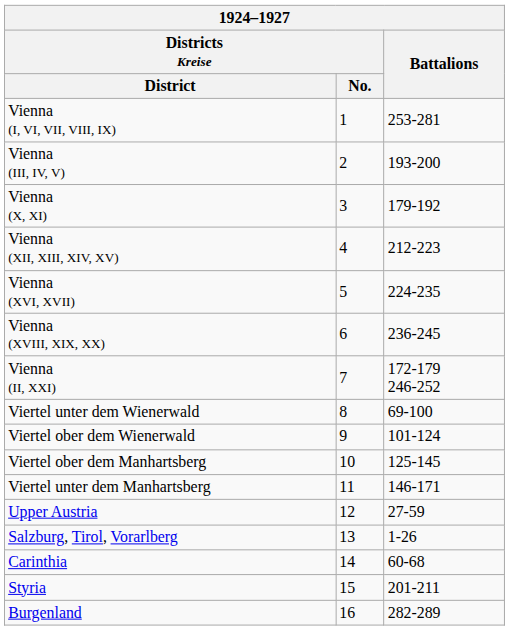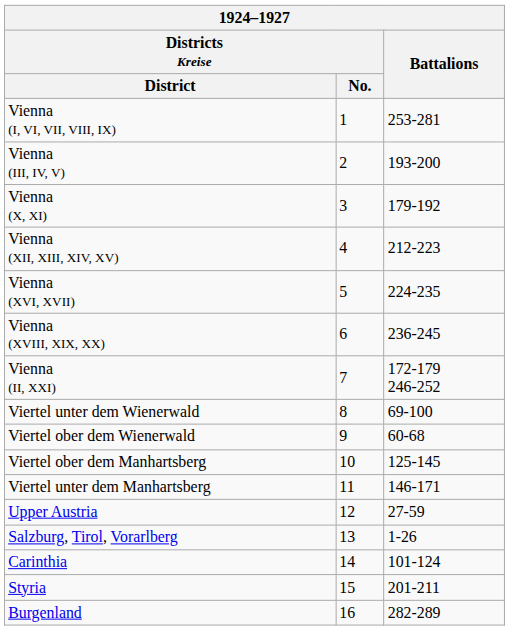 <table class="wikitable" style="text-align:left;width: 40%; display: inline-table;">
 <tr>
 <th colspan="3">1924–1927</th>
 </tr>
 <tr>
 <th colspan="2">Districts<br><small><em>Kreise</em></small></th>
 <th rowspan="2">Battalions</th>
 </tr>
 <tr>
 <th>District</th>
 <th>No.</th>
 </tr>
 <tr>
 <td>Vienna<br><small>(I, VI, VII, VIII, IX)</small></td>
 <td>1</td>
 <td>253-281</td>
 </tr>
 <tr>
 <td>Vienna<br><small>(III, IV, V)</small></td>
 <td>2</td>
 <td>193-200</td>
 </tr>
 <tr>
 <td>Vienna<br><small>(X, XI)</small></td>
 <td>3</td>
 <td>179-192</td>
 </tr>
 <tr>
 <td>Vienna<br><small>(XII, XIII, XIV, XV)</small></td>
 <td>4</td>
 <td>212-223</td>
 </tr>
 <tr>
 <td>Vienna<br><small>(XVI, XVII)</small></td>
 <td>5</td>
 <td>224-235</td>
 </tr>
 <tr>
 <td>Vienna<br><small>(XVIII, XIX, XX)</small></td>
 <td>6</td>
 <td>236-245</td>
 </tr>
 <tr>
 <td>Vienna<br><small>(II, XXI)</small></td>
 <td>7</td>
 <td>172-179<br>246-252</td>
 </tr>
 <tr>
 <td>Viertel unter dem Wienerwald</td>
 <td>8</td>
 <td>69-100</td>
 </tr>
 <tr>
 <td>Viertel ober dem Wienerwald</td>
 <td>9</td>
-<td>101-124</td>
+<td>60-68</td>
 </tr>
 <tr>
 <td>Viertel ober dem Manhartsberg</td>
 <td>10</td>
 <td>125-145</td>
 </tr>
 <tr>
 <td>Viertel unter dem Manhartsberg</td>
 <td>11</td>
 <td>146-171</td>
 </tr>
 <tr>
 <td><a href='#'>Upper Austria</a></td>
 <td>12</td>
 <td>27-59</td>
 </tr>
 <tr>
 <td><a href='#'>Salzburg</a>, <a href='#'>Tirol</a>, <a href='#'>Vorarlberg</a></td>
 <td>13</td>
 <td>1-26</td>
 </tr>
 <tr>
 <td><a href='#'>Carinthia</a></td>
 <td>14</td>
-<td>60-68</td>
+<td>101-124</td>
 </tr>
 <tr>
 <td><a href='#'>Styria</a></td>
 <td>15</td>
 <td>201-211</td>
 </tr>
 <tr>
 <td><a href='#'>Burgenland</a></td>
 <td>16</td>
 <td>282-289</td>
 </tr>
 </table>
